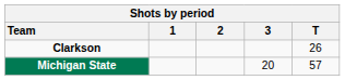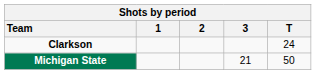 <table class="wikitable" style="width:30em; text-align:right;">
 <tr>
 <th colspan=6>Shots by period</th>
 </tr>
 <tr>
 <th style="width:10em; text-align:left;">Team</th>
 <th style="width:3em;">1</th>
 <th style="width:3em;">2</th>
 <th style="width:3em;">3</th>
 <th style="width:3em;">T</th>
 </tr>
 <tr>
 <td align=center><strong>Clarkson</strong></td>
 <td align=center></td>
 <td align=center></td>
 <td align=center></td>
-<td align=center>26</td>
+<td align=center>24</td>
 </tr>
 <tr>
 <td align=center style="color:white; background:#007A53"><strong>Michigan State</strong></td>
 <td align=center></td>
 <td align=center></td>
-<td align=center>20</td>
-<td align=center>57</td>
+<td align=center>21</td>
+<td align=center>50</td>
 </tr>
 </table>
